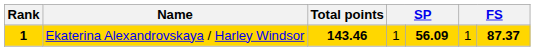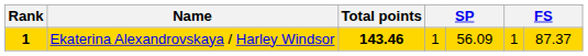 <table class="wikitable sortable">
 <tr>
 <th>Rank</th>
 <th>Name</th>
 <th>Total points</th>
 <th colspan="2" width="80px"><a href='#'>SP</a></th>
 <th colspan="2" width="80px"><a href='#'>FS</a></th>
 </tr>
 <tr bgcolor="gold">
 <td align="center"><strong>1</strong></td>
 <td><a href='#'>Ekaterina Alexandrovskaya</a> / <a href='#'>Harley Windsor</a></td>
 <td align="center"><strong>143.46</strong></td>
 <td align="center">1</td>
-<td align="center"><strong>56.09</strong></td>
+<td align="center">56.09</td>
 <td align="center">1</td>
-<td align="center"><strong>87.37</strong></td>
+<td align="center">87.37</td>
 </tr>
 </table>
